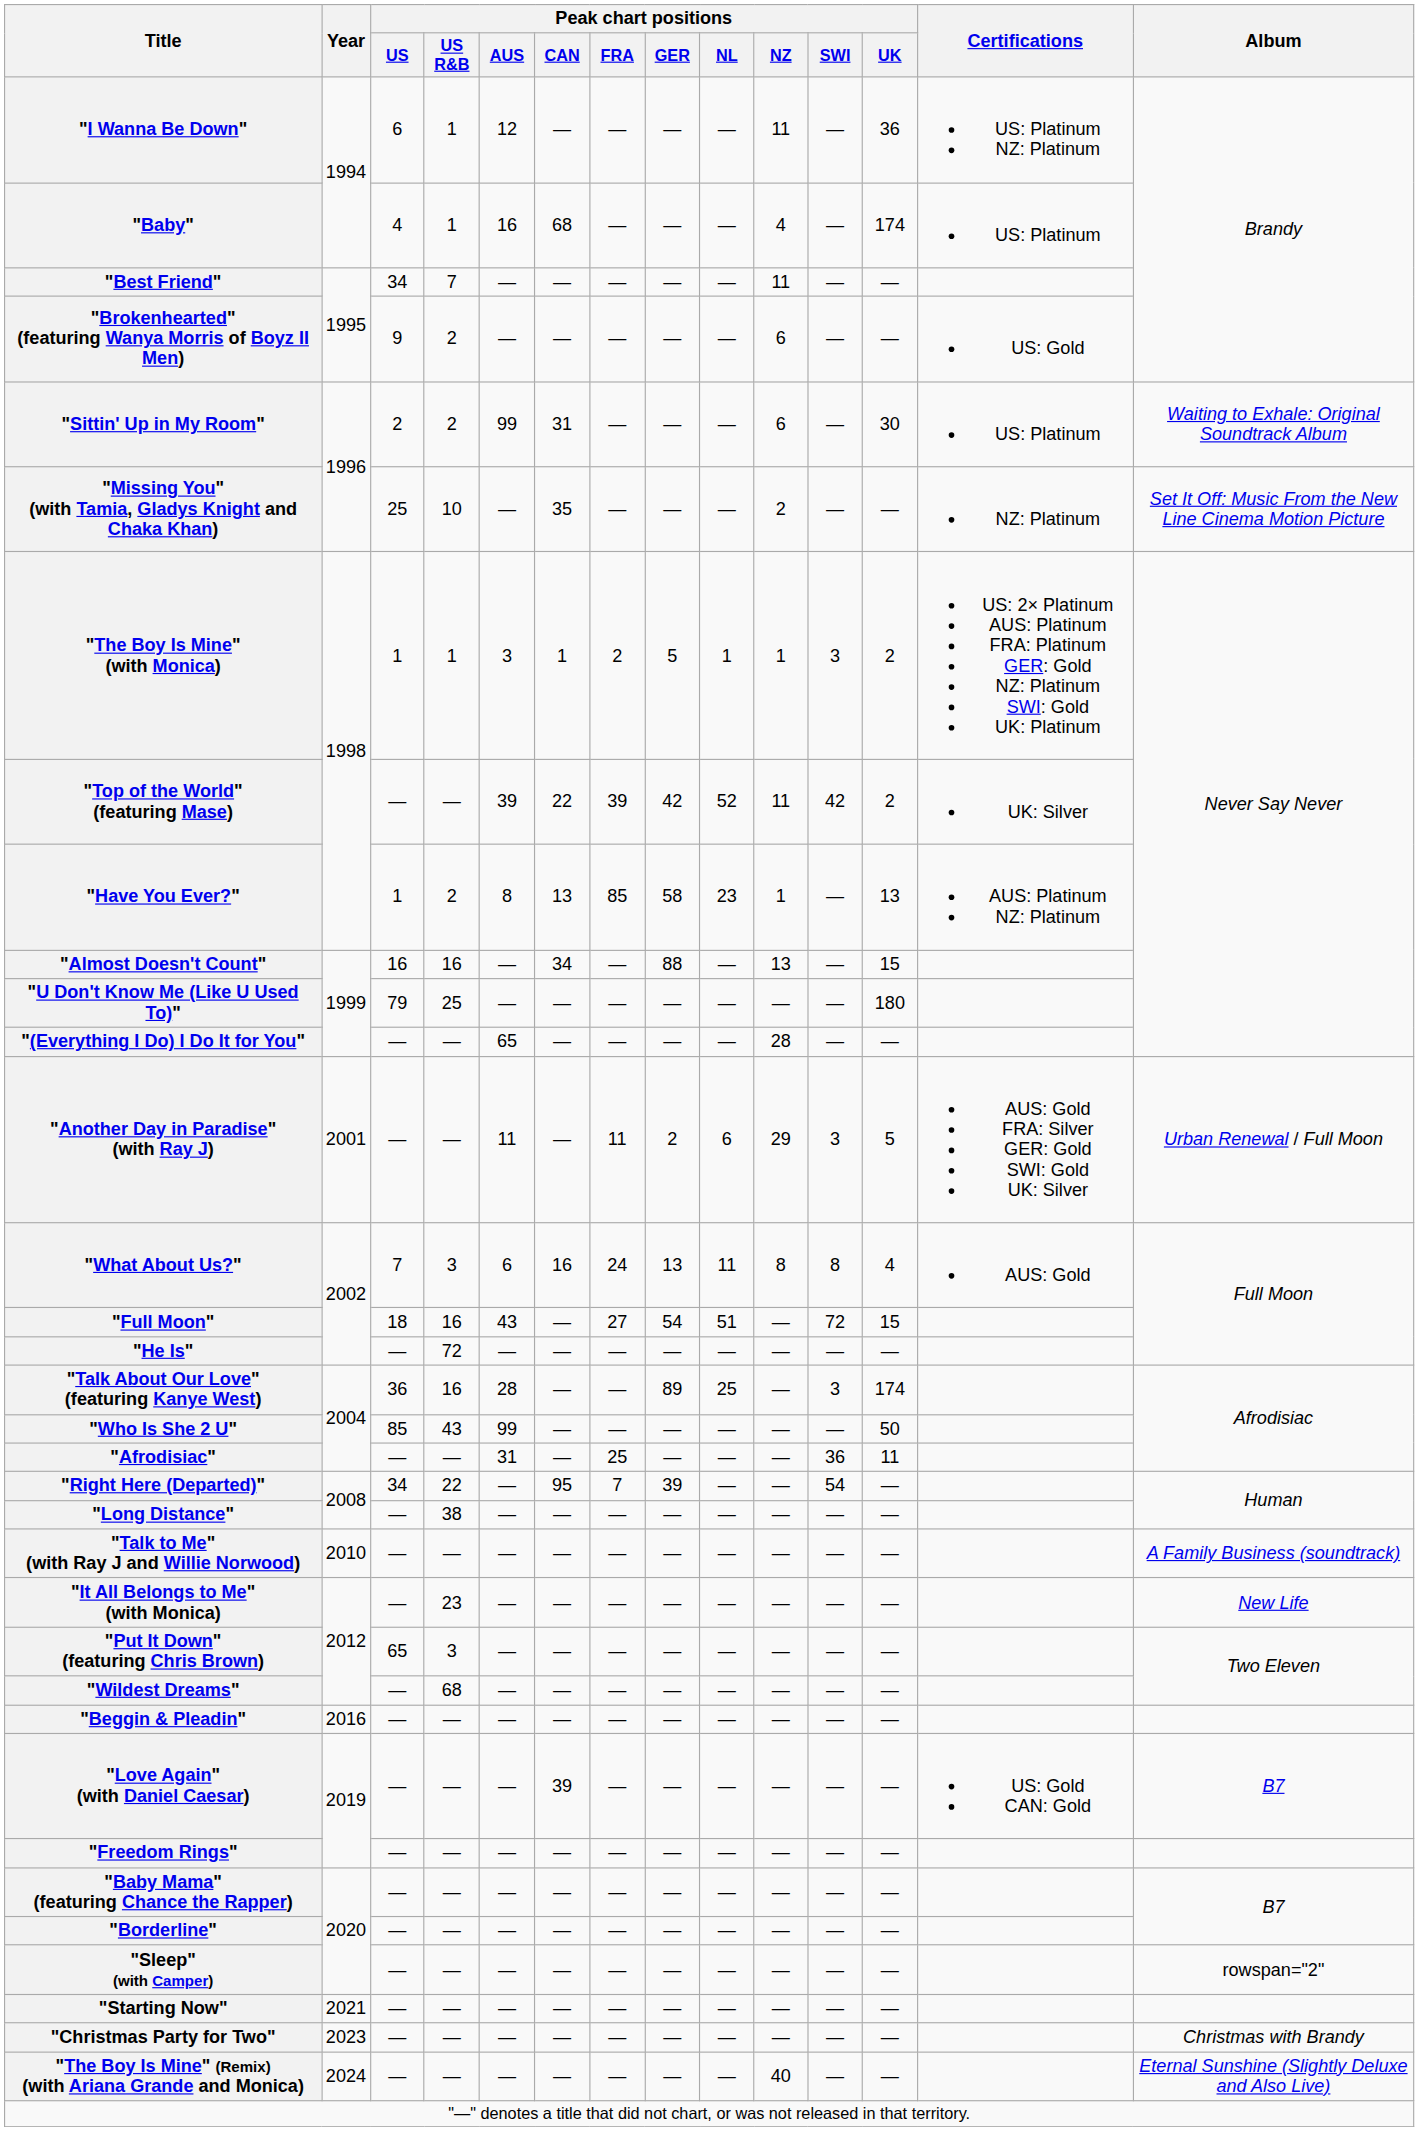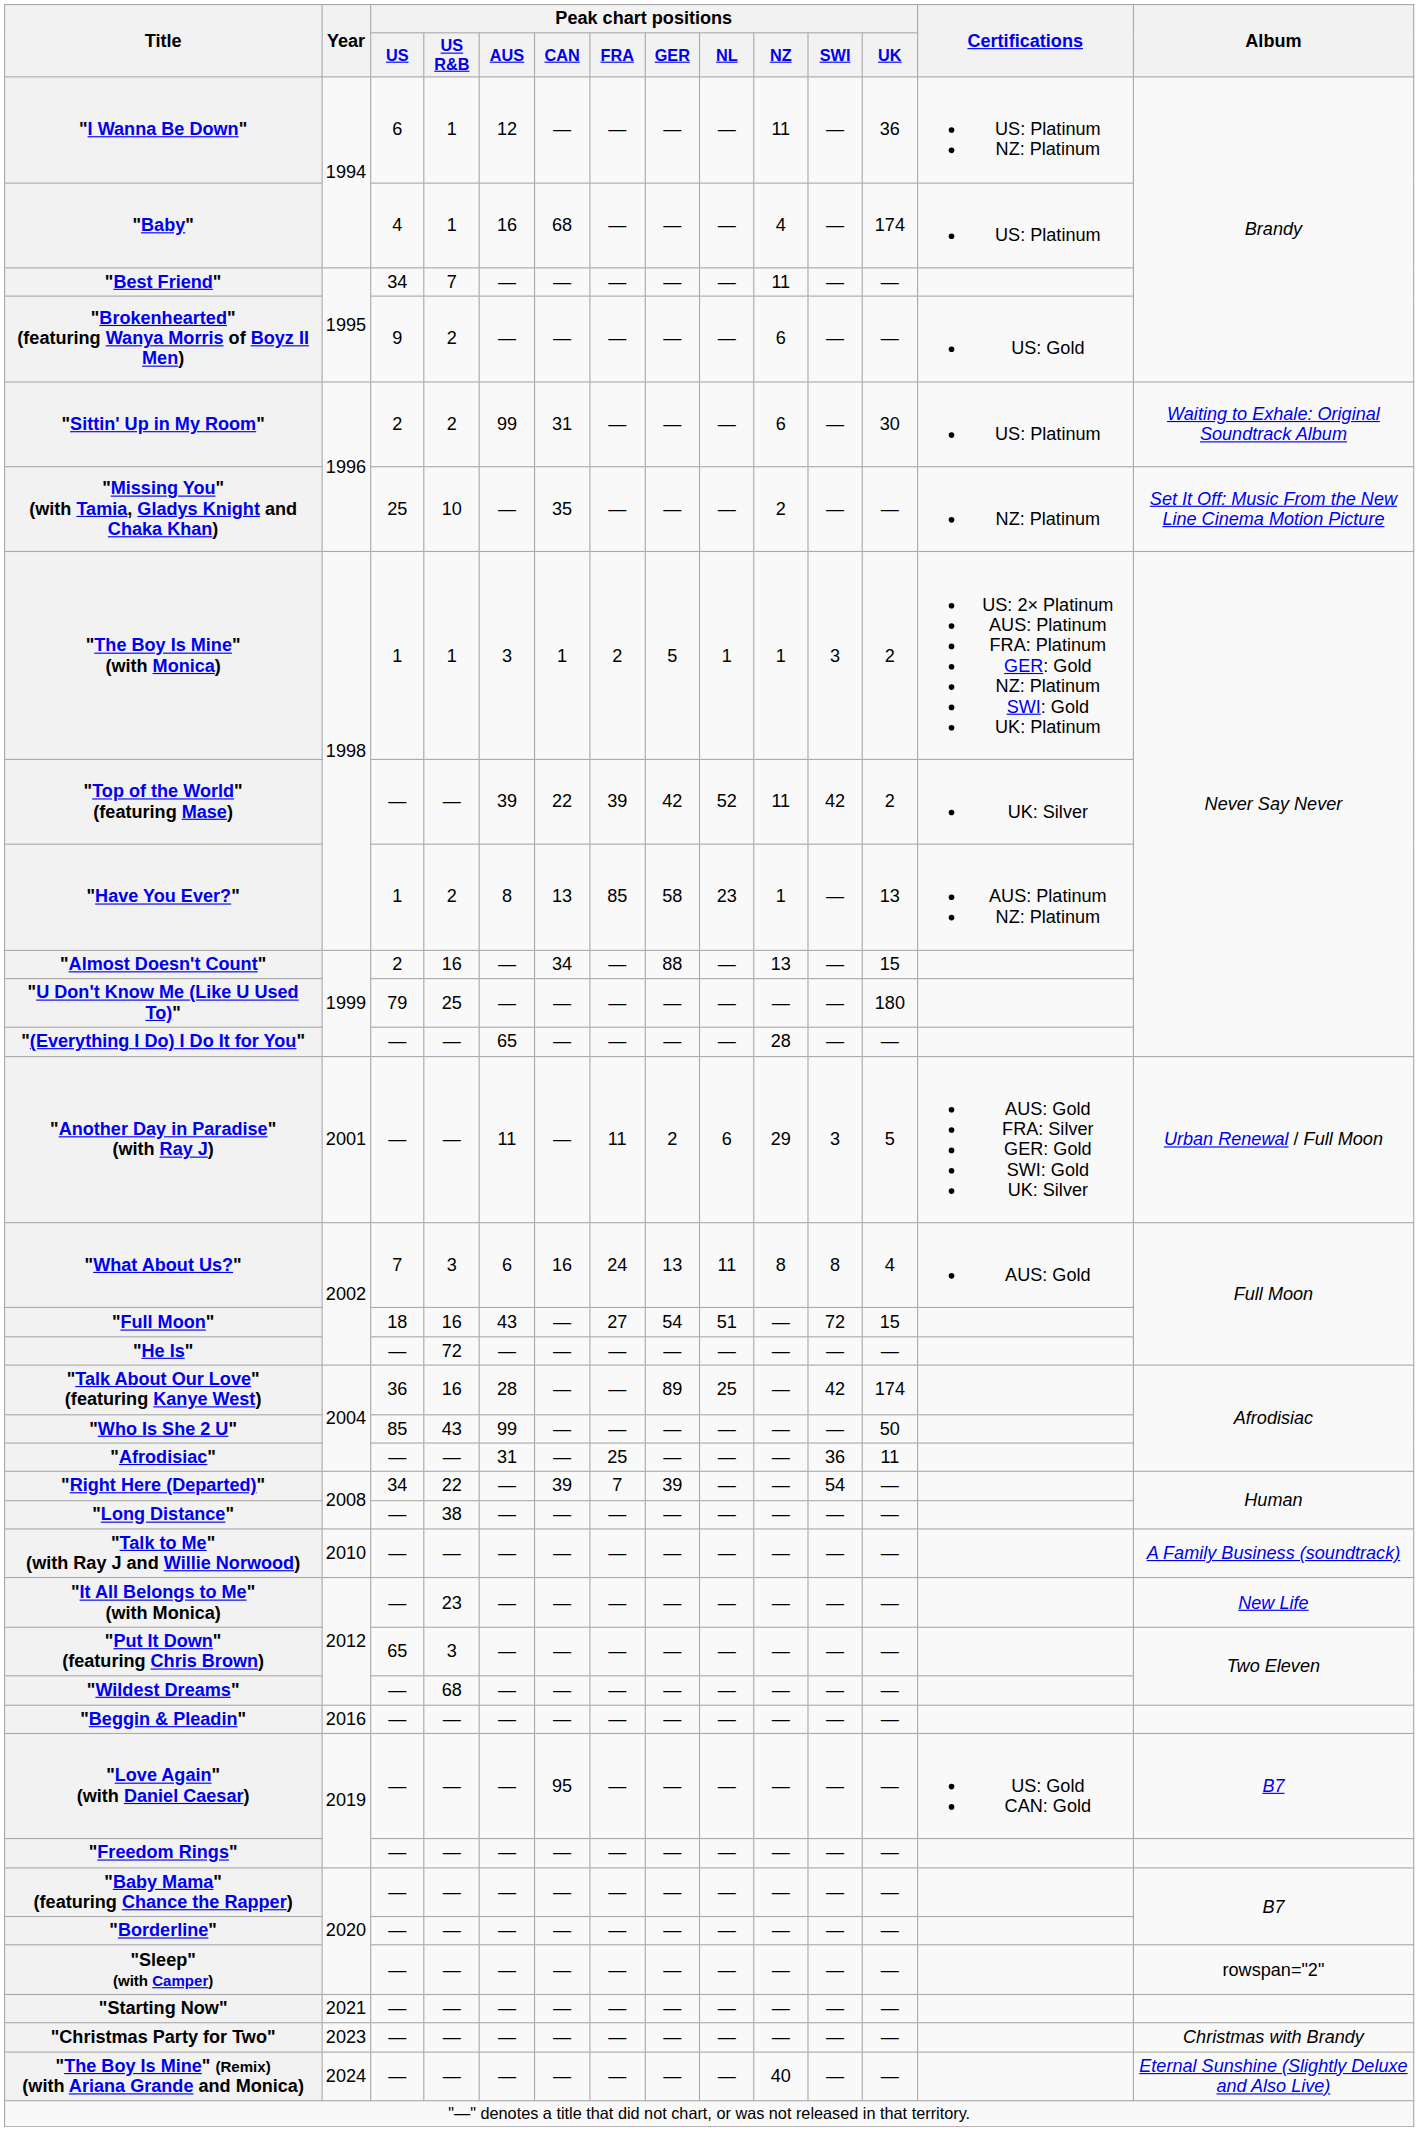 <table class="wikitable plainrowheaders" style="text-align:center;" border="1">
 <tr>
 <th scope="col" rowspan="2" style="width:18em;">Title</th>
 <th scope="col" rowspan="2">Year</th>
 <th scope="col" colspan="10">Peak chart positions</th>
 <th scope="col" rowspan="2" style="width:12em;"><a href='#'>Certifications</a></th>
 <th scope="col" rowspan="2" style="width:16em;">Album</th>
 </tr>
 <tr>
 <th scope="col" style="width:3em;font-size:90%;"><a href='#'>US</a><br></th>
 <th scope="col" style="width:3em;font-size:90%;"><a href='#'>US R&B</a><br></th>
 <th scope="col" style="width:3em;font-size:90%;"><a href='#'>AUS</a><br></th>
 <th scope="col" style="width:3em;font-size:90%;"><a href='#'>CAN</a><br></th>
 <th scope="col" style="width:3em;font-size:90%;"><a href='#'>FRA</a><br></th>
 <th scope="col" style="width:3em;font-size:90%;"><a href='#'>GER</a><br></th>
 <th scope="col" style="width:3em;font-size:90%;"><a href='#'>NL</a><br></th>
 <th scope="col" style="width:3em;font-size:90%;"><a href='#'>NZ</a><br></th>
 <th scope="col" style="width:3em;font-size:90%;"><a href='#'>SWI</a><br></th>
 <th scope="col" style="width:3em;font-size:90%;"><a href='#'>UK</a><br></th>
 </tr>
 <tr>
 <th scope="row">"<a href='#'>I Wanna Be Down</a>"</th>
 <td rowspan="2">1994</td>
 <td>6</td>
 <td>1</td>
 <td>12</td>
 <td>—</td>
 <td>—</td>
 <td>—</td>
 <td>—</td>
 <td>11</td>
 <td>—</td>
 <td>36</td>
 <td><br><ul><li>US: Platinum</li><li>NZ: Platinum</li></ul></td>
 <td rowspan="4"><em>Brandy</em></td>
 </tr>
 <tr>
 <th scope="row">"<a href='#'>Baby</a>"</th>
 <td>4</td>
 <td>1</td>
 <td>16</td>
 <td>68</td>
 <td>—</td>
 <td>—</td>
 <td>—</td>
 <td>4</td>
 <td>—</td>
 <td>174</td>
 <td><br><ul><li>US: Platinum</li></ul></td>
 </tr>
 <tr>
 <th scope="row">"<a href='#'>Best Friend</a>"</th>
 <td rowspan="2">1995</td>
 <td>34</td>
 <td>7</td>
 <td>—</td>
 <td>—</td>
 <td>—</td>
 <td>—</td>
 <td>—</td>
 <td>11</td>
 <td>—</td>
 <td>—</td>
 <td></td>
 </tr>
 <tr>
 <th scope="row">"<a href='#'>Brokenhearted</a>"<br><span>(featuring <a href='#'>Wanya Morris</a> of <a href='#'>Boyz II Men</a>)</span></th>
 <td>9</td>
 <td>2</td>
 <td>—</td>
 <td>—</td>
 <td>—</td>
 <td>—</td>
 <td>—</td>
 <td>6</td>
 <td>—</td>
 <td>—</td>
 <td><br><ul><li>US: Gold</li></ul></td>
 </tr>
 <tr>
 <th scope="row">"<a href='#'>Sittin' Up in My Room</a>"</th>
 <td rowspan="2">1996</td>
 <td>2</td>
 <td>2</td>
 <td>99</td>
 <td>31</td>
 <td>—</td>
 <td>—</td>
 <td>—</td>
 <td>6</td>
 <td>—</td>
 <td>30</td>
 <td><br><ul><li>US: Platinum</li></ul></td>
 <td><em><a href='#'>Waiting to Exhale: Original Soundtrack Album</a></em></td>
 </tr>
 <tr>
 <th scope="row">"<a href='#'>Missing You</a>"<br><span>(with <a href='#'>Tamia</a>, <a href='#'>Gladys Knight</a> and <a href='#'>Chaka Khan</a>)</span></th>
 <td>25</td>
 <td>10</td>
 <td>—</td>
 <td>35</td>
 <td>—</td>
 <td>—</td>
 <td>—</td>
 <td>2</td>
 <td>—</td>
 <td>—</td>
 <td><br><ul><li>NZ: Platinum</li></ul></td>
 <td><em><a href='#'>Set It Off: Music From the New Line Cinema Motion Picture</a></em></td>
 </tr>
 <tr>
 <th scope="row">"<a href='#'>The Boy Is Mine</a>"<br><span>(with <a href='#'>Monica</a>)</span></th>
 <td rowspan="3">1998</td>
 <td>1</td>
 <td>1</td>
 <td>3</td>
 <td>1</td>
 <td>2</td>
 <td>5</td>
 <td>1</td>
 <td>1</td>
 <td>3</td>
 <td>2</td>
 <td><br><ul><li>US: 2× Platinum</li><li>AUS: Platinum</li><li>FRA: Platinum</li><li><a href='#'>GER</a>: Gold</li><li>NZ: Platinum</li><li><a href='#'>SWI</a>: Gold</li><li>UK: Platinum</li></ul></td>
 <td rowspan="6"><em>Never Say Never</em></td>
 </tr>
 <tr>
 <th scope="row">"<a href='#'>Top of the World</a>"<br><span>(featuring <a href='#'>Mase</a>)</span></th>
 <td>—</td>
 <td>—</td>
 <td>39</td>
 <td>22</td>
 <td>39</td>
 <td>42</td>
 <td>52</td>
 <td>11</td>
 <td>42</td>
 <td>2</td>
 <td><br><ul><li>UK: Silver</li></ul></td>
 </tr>
 <tr>
 <th scope="row">"<a href='#'>Have You Ever?</a>"</th>
 <td>1</td>
 <td>2</td>
 <td>8</td>
 <td>13</td>
 <td>85</td>
 <td>58</td>
 <td>23</td>
 <td>1</td>
 <td>—</td>
 <td>13</td>
 <td><br><ul><li>AUS: Platinum</li><li>NZ: Platinum</li></ul></td>
 </tr>
 <tr>
 <th scope="row">"<a href='#'>Almost Doesn't Count</a>"</th>
 <td rowspan="3">1999</td>
-<td>16</td>
+<td>2</td>
 <td>16</td>
 <td>—</td>
 <td>34</td>
 <td>—</td>
 <td>88</td>
 <td>—</td>
 <td>13</td>
 <td>—</td>
 <td>15</td>
 <td></td>
 </tr>
 <tr>
 <th scope="row">"<a href='#'>U Don't Know Me (Like U Used To)</a>"</th>
 <td>79</td>
 <td>25</td>
 <td>—</td>
 <td>—</td>
 <td>—</td>
 <td>—</td>
 <td>—</td>
 <td>—</td>
 <td>—</td>
 <td>180</td>
 <td></td>
 </tr>
 <tr>
 <th scope="row">"<a href='#'>(Everything I Do) I Do It for You</a>"</th>
 <td>—</td>
 <td>—</td>
 <td>65</td>
 <td>—</td>
 <td>—</td>
 <td>—</td>
 <td>—</td>
 <td>28</td>
 <td>—</td>
 <td>—</td>
 <td></td>
 </tr>
 <tr>
 <th scope="row">"<a href='#'>Another Day in Paradise</a>"<br><span>(with <a href='#'>Ray J</a>)</span></th>
 <td>2001</td>
 <td>—</td>
 <td>—</td>
 <td>11</td>
 <td>—</td>
 <td>11</td>
 <td>2</td>
 <td>6</td>
 <td>29</td>
 <td>3</td>
 <td>5</td>
 <td><br><ul><li>AUS: Gold</li><li>FRA: Silver</li><li>GER: Gold</li><li>SWI: Gold</li><li>UK: Silver</li></ul></td>
 <td><em><a href='#'>Urban Renewal</a></em> / <em>Full Moon</em></td>
 </tr>
 <tr>
 <th scope="row">"<a href='#'>What About Us?</a>"</th>
 <td rowspan="3">2002</td>
 <td>7</td>
 <td>3</td>
 <td>6</td>
 <td>16</td>
 <td>24</td>
 <td>13</td>
 <td>11</td>
 <td>8</td>
 <td>8</td>
 <td>4</td>
 <td><br><ul><li>AUS: Gold</li></ul></td>
 <td rowspan="3"><em>Full Moon</em></td>
 </tr>
 <tr>
 <th scope="row">"<a href='#'>Full Moon</a>"</th>
 <td>18</td>
 <td>16</td>
 <td>43</td>
 <td>—</td>
 <td>27</td>
 <td>54</td>
 <td>51</td>
 <td>—</td>
 <td>72</td>
 <td>15</td>
 <td></td>
 </tr>
 <tr>
 <th scope="row">"<a href='#'>He Is</a>"</th>
 <td>—</td>
 <td>72</td>
 <td>—</td>
 <td>—</td>
 <td>—</td>
 <td>—</td>
 <td>—</td>
 <td>—</td>
 <td>—</td>
 <td>—</td>
 <td></td>
 </tr>
 <tr>
 <th scope="row">"<a href='#'>Talk About Our Love</a>"<br><span>(featuring <a href='#'>Kanye West</a>)</span></th>
 <td rowspan="3">2004</td>
 <td>36</td>
 <td>16</td>
 <td>28</td>
 <td>—</td>
 <td>—</td>
 <td>89</td>
 <td>25</td>
 <td>—</td>
-<td>3</td>
+<td>42</td>
 <td>174</td>
 <td></td>
 <td rowspan="3"><em>Afrodisiac</em></td>
 </tr>
 <tr>
 <th scope="row">"<a href='#'>Who Is She 2 U</a>"</th>
 <td>85</td>
 <td>43</td>
 <td>99</td>
 <td>—</td>
 <td>—</td>
 <td>—</td>
 <td>—</td>
 <td>—</td>
 <td>—</td>
 <td>50</td>
 <td></td>
 </tr>
 <tr>
 <th scope="row">"<a href='#'>Afrodisiac</a>"</th>
 <td>—</td>
 <td>—</td>
 <td>31</td>
 <td>—</td>
 <td>25</td>
 <td>—</td>
 <td>—</td>
 <td>—</td>
 <td>36</td>
 <td>11</td>
 <td></td>
 </tr>
 <tr>
 <th scope="row">"<a href='#'>Right Here (Departed)</a>"</th>
 <td rowspan="2">2008</td>
 <td>34</td>
 <td>22</td>
 <td>—</td>
-<td>95</td>
+<td>39</td>
 <td>7</td>
 <td>39</td>
 <td>—</td>
 <td>—</td>
 <td>54</td>
 <td>—</td>
 <td></td>
 <td rowspan="2"><em>Human</em></td>
 </tr>
 <tr>
 <th scope="row">"<a href='#'>Long Distance</a>"</th>
 <td>—</td>
 <td>38</td>
 <td>—</td>
 <td>—</td>
 <td>—</td>
 <td>—</td>
 <td>—</td>
 <td>—</td>
 <td>—</td>
 <td>—</td>
 <td></td>
 </tr>
 <tr>
 <th scope="row">"<a href='#'>Talk to Me</a>"<br><span>(with Ray J and <a href='#'>Willie Norwood</a>)</span></th>
 <td>2010</td>
 <td>—</td>
 <td>—</td>
 <td>—</td>
 <td>—</td>
 <td>—</td>
 <td>—</td>
 <td>—</td>
 <td>—</td>
 <td>—</td>
 <td>—</td>
 <td></td>
 <td><em><a href='#'>A Family Business (soundtrack)</a></em></td>
 </tr>
 <tr>
 <th scope="row">"<a href='#'>It All Belongs to Me</a>"<br><span>(with Monica)</span></th>
 <td rowspan="3">2012</td>
 <td>—</td>
 <td>23</td>
 <td>—</td>
 <td>—</td>
 <td>—</td>
 <td>—</td>
 <td>—</td>
 <td>—</td>
 <td>—</td>
 <td>—</td>
 <td></td>
 <td><em><a href='#'>New Life</a></em></td>
 </tr>
 <tr>
 <th scope="row">"<a href='#'>Put It Down</a>"<br><span>(featuring <a href='#'>Chris Brown</a>)</span></th>
 <td>65</td>
 <td>3</td>
 <td>—</td>
 <td>—</td>
 <td>—</td>
 <td>—</td>
 <td>—</td>
 <td>—</td>
 <td>—</td>
 <td>—</td>
 <td></td>
 <td rowspan="2"><em>Two Eleven</em></td>
 </tr>
 <tr>
 <th scope="row">"<a href='#'>Wildest Dreams</a>"</th>
 <td>—</td>
 <td>68</td>
 <td>—</td>
 <td>—</td>
 <td>—</td>
 <td>—</td>
 <td>—</td>
 <td>—</td>
 <td>—</td>
 <td>—</td>
 <td></td>
 </tr>
 <tr>
 <th scope="row">"<a href='#'>Beggin & Pleadin</a>"</th>
 <td>2016</td>
 <td>—</td>
 <td>—</td>
 <td>—</td>
 <td>—</td>
 <td>—</td>
 <td>—</td>
 <td>—</td>
 <td>—</td>
 <td>—</td>
 <td>—</td>
 <td></td>
 <td></td>
 </tr>
 <tr>
 <th scope="row">"<a href='#'>Love Again</a>"<br><span>(with <a href='#'>Daniel Caesar</a>)</span></th>
 <td rowspan=2>2019</td>
 <td>—</td>
 <td>—</td>
 <td>—</td>
-<td>39</td>
+<td>95</td>
 <td>—</td>
 <td>—</td>
 <td>—</td>
 <td>—</td>
 <td>—</td>
 <td>—</td>
 <td><br><ul><li>US: Gold</li><li>CAN: Gold</li></ul></td>
 <td><em><a href='#'>B7</a></em></td>
 </tr>
 <tr>
 <th scope="row">"<a href='#'>Freedom Rings</a>"</th>
 <td>—</td>
 <td>—</td>
 <td>—</td>
 <td>—</td>
 <td>—</td>
 <td>—</td>
 <td>—</td>
 <td>—</td>
 <td>—</td>
 <td>—</td>
 <td></td>
 <td></td>
 </tr>
 <tr>
 <th scope="row">"<a href='#'>Baby Mama</a>" <br><span>(featuring <a href='#'>Chance the Rapper</a>)</span></th>
 <td rowspan="3">2020</td>
 <td>—</td>
 <td>—</td>
 <td>—</td>
 <td>—</td>
 <td>—</td>
 <td>—</td>
 <td>—</td>
 <td>—</td>
 <td>—</td>
 <td>—</td>
 <td></td>
 <td rowspan="2"><em>B7</em></td>
 </tr>
 <tr>
 <th scope="row">"<a href='#'>Borderline</a>"</th>
 <td>—</td>
 <td>—</td>
 <td>—</td>
 <td>—</td>
 <td>—</td>
 <td>—</td>
 <td>—</td>
 <td>—</td>
 <td>—</td>
 <td>—</td>
 </tr>
 <tr>
 <th scope="row">"Sleep"<br><small>(with <a href='#'>Camper</a>)</small></th>
 <td>—</td>
 <td>—</td>
 <td>—</td>
 <td>—</td>
 <td>—</td>
 <td>—</td>
 <td>—</td>
 <td>—</td>
 <td>—</td>
 <td>—</td>
 <td></td>
 <td>rowspan="2" </td>
 </tr>
 <tr>
 <th scope="row">"Starting Now"</th>
 <td>2021</td>
 <td>—</td>
 <td>—</td>
 <td>—</td>
 <td>—</td>
 <td>—</td>
 <td>—</td>
 <td>—</td>
 <td>—</td>
 <td>—</td>
 <td>—</td>
 <td></td>
 </tr>
 <tr>
 <th scope="row">"Christmas Party for Two"</th>
 <td>2023</td>
 <td>—</td>
 <td>—</td>
 <td>—</td>
 <td>—</td>
 <td>—</td>
 <td>—</td>
 <td>—</td>
 <td>—</td>
 <td>—</td>
 <td>—</td>
 <td></td>
 <td><em>Christmas with Brandy</em></td>
 </tr>
 <tr>
 <th scope="row">"<a href='#'>The Boy Is Mine</a>" <small>(Remix)</small><br><span>(with <a href='#'>Ariana Grande</a> and Monica)</span></th>
 <td>2024</td>
 <td>—</td>
 <td>—</td>
 <td>—</td>
 <td>—</td>
 <td>—</td>
 <td>—</td>
 <td>—</td>
 <td>40</td>
 <td>—</td>
 <td>—</td>
 <td></td>
 <td><em><a href='#'>Eternal Sunshine (Slightly Deluxe and Also Live)</a></em></td>
 </tr>
 <tr>
 <td colspan="19" style="font-size:90%">"—" denotes a title that did not chart, or was not released in that territory.</td>
 </tr>
 </table>
